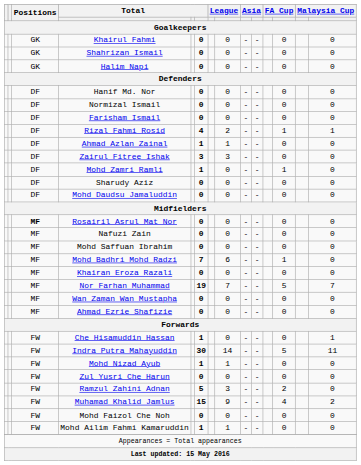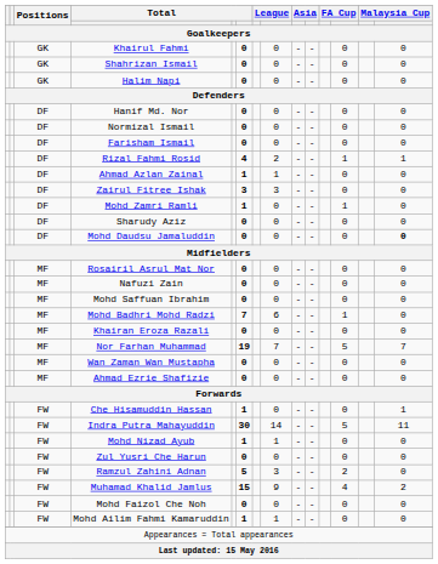 <table class="wikitable sortable" style="text-align: center">
 <tr align="center" style="background:#9C9C9C">
 <th rowspan="2"></th>
 <th rowspan="2"></th>
 <th rowspan="2">Positions</th>
 <th colspan="3">Total</th>
 <th colspan="2"><a href='#'>League</a></th>
 <th colspan="2"><a href='#'>Asia</a></th>
 <th colspan="2"><a href='#'>FA Cup</a></th>
 <th colspan="2"><a href='#'>Malaysia Cup</a></th>
 </tr>
 <tr style="background:#DCDCDC">
 <th></th>
 <th></th>
 <th></th>
 <th></th>
 <th></th>
 <th></th>
 <th></th>
 <th></th>
 <th></th>
 <th></th>
 <th></th>
 </tr>
 <tr style="background:#DCDCDC">
 <th colspan="14">Goalkeepers</th>
 </tr>
 <tr>
 <td></td>
 <td></td>
 <td>GK</td>
 <td><a href='#'>Khairul Fahmi</a></td>
 <td><strong> </strong></td>
 <td><strong>0</strong></td>
 <td><strong> </strong></td>
 <td>0</td>
 <td>-</td>
 <td>-</td>
 <td></td>
 <td>0</td>
 <td></td>
 <td>0</td>
 </tr>
 <tr>
 <td></td>
 <td></td>
 <td>GK</td>
 <td><a href='#'>Shahrizan Ismail</a></td>
 <td><strong> </strong></td>
 <td><strong>0</strong></td>
 <td><strong> </strong></td>
 <td>0</td>
 <td>-</td>
 <td>-</td>
 <td></td>
 <td>0</td>
 <td></td>
 <td>0</td>
 </tr>
 <tr>
 <td></td>
 <td></td>
 <td>GK</td>
 <td><a href='#'>Halim Napi</a></td>
 <td><strong> </strong></td>
 <td><strong>0</strong></td>
 <td><strong> </strong></td>
 <td>0</td>
 <td>-</td>
 <td>-</td>
 <td></td>
 <td>0</td>
 <td></td>
 <td>0</td>
 </tr>
 <tr>
 <th colspan="14">Defenders</th>
 </tr>
 <tr>
 <td></td>
 <td></td>
 <td>DF</td>
 <td>Hanif Md. Nor</td>
 <td><strong> </strong></td>
 <td><strong>0</strong></td>
 <td><strong> </strong></td>
 <td>0</td>
 <td>-</td>
 <td>-</td>
 <td></td>
 <td>0</td>
 <td></td>
 <td>0</td>
 </tr>
 <tr>
 <td></td>
 <td></td>
 <td>DF</td>
 <td>Normizal Ismail</td>
 <td><strong> </strong></td>
 <td><strong>0</strong></td>
 <td><strong> </strong></td>
 <td>0</td>
 <td>-</td>
 <td>-</td>
 <td></td>
 <td>0</td>
 <td></td>
 <td>0</td>
 </tr>
 <tr>
 <td></td>
 <td></td>
 <td>DF</td>
 <td><a href='#'>Farisham Ismail</a></td>
 <td><strong> </strong></td>
 <td><strong>0</strong></td>
 <td><strong> </strong></td>
 <td>0</td>
 <td>-</td>
 <td>-</td>
 <td></td>
 <td>0</td>
 <td></td>
 <td>0</td>
 </tr>
 <tr>
 <td></td>
 <td></td>
 <td>DF</td>
 <td><a href='#'>Rizal Fahmi Rosid</a></td>
 <td><strong> </strong></td>
 <td><strong>4</strong></td>
 <td><strong> </strong></td>
 <td>2</td>
 <td>-</td>
 <td>-</td>
 <td></td>
 <td>1</td>
 <td></td>
 <td>1</td>
 </tr>
 <tr>
 <td></td>
 <td></td>
 <td>DF</td>
 <td><a href='#'>Ahmad Azlan Zainal</a></td>
 <td><strong> </strong></td>
 <td><strong>1</strong></td>
 <td><strong> </strong></td>
 <td>1</td>
 <td>-</td>
 <td>-</td>
 <td></td>
 <td>0</td>
 <td></td>
 <td>0</td>
 </tr>
 <tr>
 <td></td>
 <td></td>
 <td>DF</td>
 <td><a href='#'>Zairul Fitree Ishak</a></td>
 <td><strong> </strong></td>
 <td><strong>3</strong></td>
 <td><strong> </strong></td>
 <td>3</td>
 <td>-</td>
 <td>-</td>
 <td></td>
 <td>0</td>
 <td></td>
 <td>0</td>
 </tr>
 <tr>
 <td></td>
 <td></td>
 <td>DF</td>
 <td><a href='#'>Mohd Zamri Ramli</a></td>
 <td><strong> </strong></td>
 <td><strong>1</strong></td>
 <td><strong> </strong></td>
 <td>0</td>
 <td>-</td>
 <td>-</td>
 <td></td>
 <td>1</td>
 <td></td>
 <td>0</td>
 </tr>
 <tr>
 <td></td>
 <td></td>
 <td>DF</td>
 <td>Sharudy Aziz</td>
 <td><strong> </strong></td>
 <td><strong>0</strong></td>
 <td><strong> </strong></td>
 <td>0</td>
 <td>-</td>
 <td>-</td>
 <td></td>
 <td>0</td>
 <td></td>
 <td>0</td>
 </tr>
 <tr>
 <td></td>
 <td></td>
 <td>DF</td>
 <td><a href='#'>Mohd Daudsu Jamaluddin</a></td>
 <td><strong> </strong></td>
 <td><strong>0</strong></td>
 <td><strong> </strong></td>
 <td>0</td>
 <td>-</td>
 <td>-</td>
 <td></td>
 <td>0</td>
 <td></td>
-<td>0</td>
+<td><strong>0</strong></td>
 </tr>
 <tr>
 <th colspan="14">Midfielders</th>
 </tr>
 <tr>
 <td></td>
 <td></td>
-<td><strong>MF</strong></td>
+<td>MF</td>
 <td><a href='#'>Rosairil Asrul Mat Nor</a></td>
 <td><strong> </strong></td>
 <td><strong>0</strong></td>
 <td><strong> </strong></td>
 <td>0</td>
 <td>-</td>
 <td>-</td>
 <td></td>
 <td>0</td>
 <td></td>
 <td>0</td>
 </tr>
 <tr>
 <td></td>
 <td></td>
 <td>MF</td>
 <td>Nafuzi Zain</td>
 <td><strong> </strong></td>
 <td><strong>0</strong></td>
 <td><strong> </strong></td>
 <td>0</td>
 <td>-</td>
 <td>-</td>
 <td></td>
 <td>0</td>
 <td></td>
 <td>0</td>
 </tr>
 <tr>
 <td></td>
 <td></td>
 <td>MF</td>
 <td>Mohd Saffuan Ibrahim</td>
 <td><strong> </strong></td>
 <td><strong>0</strong></td>
 <td><strong> </strong></td>
 <td>0</td>
 <td>-</td>
 <td>-</td>
 <td></td>
 <td>0</td>
 <td></td>
 <td>0</td>
 </tr>
 <tr>
 <td></td>
 <td></td>
 <td>MF</td>
 <td><a href='#'>Mohd Badhri Mohd Radzi</a></td>
 <td><strong> </strong></td>
 <td><strong>7</strong></td>
 <td><strong> </strong></td>
 <td>6</td>
 <td>-</td>
 <td>-</td>
 <td></td>
 <td>1</td>
 <td></td>
 <td>0</td>
 </tr>
 <tr>
 <td></td>
 <td></td>
 <td>MF</td>
 <td><a href='#'>Khairan Eroza Razali</a></td>
 <td><strong> </strong></td>
 <td><strong>0</strong></td>
 <td><strong> </strong></td>
 <td>0</td>
 <td>-</td>
 <td>-</td>
 <td></td>
 <td>0</td>
 <td></td>
 <td>0</td>
 </tr>
 <tr>
 <td></td>
 <td></td>
 <td>MF</td>
 <td><a href='#'>Nor Farhan Muhammad</a></td>
 <td><strong> </strong></td>
 <td><strong>19</strong></td>
 <td><strong> </strong></td>
 <td>7</td>
 <td>-</td>
 <td>-</td>
 <td></td>
 <td>5</td>
 <td></td>
 <td>7</td>
 </tr>
 <tr>
 <td></td>
 <td></td>
 <td>MF</td>
 <td><a href='#'>Wan Zaman Wan Mustapha</a></td>
 <td><strong> </strong></td>
 <td><strong>0</strong></td>
 <td><strong> </strong></td>
 <td>0</td>
 <td>-</td>
 <td>-</td>
 <td></td>
 <td>0</td>
 <td></td>
 <td>0</td>
 </tr>
 <tr>
 <td></td>
 <td></td>
 <td>MF</td>
 <td><a href='#'>Ahmad Ezrie Shafizie</a></td>
 <td><strong> </strong></td>
 <td><strong>0</strong></td>
 <td><strong> </strong></td>
 <td>0</td>
 <td>-</td>
 <td>-</td>
 <td></td>
 <td>0</td>
 <td></td>
 <td>0</td>
 </tr>
 <tr>
 <th colspan="14">Forwards</th>
 </tr>
 <tr>
 <td></td>
 <td></td>
 <td>FW</td>
 <td><a href='#'>Che Hisamuddin Hassan</a></td>
 <td><strong> </strong></td>
 <td><strong>1</strong></td>
 <td><strong> </strong></td>
 <td>0</td>
 <td>-</td>
 <td>-</td>
 <td></td>
 <td>0</td>
 <td></td>
 <td>1</td>
 </tr>
 <tr>
 <td></td>
 <td></td>
 <td>FW</td>
 <td><a href='#'>Indra Putra Mahayuddin</a></td>
 <td><strong> </strong></td>
 <td><strong>30</strong></td>
 <td><strong> </strong></td>
 <td>14</td>
 <td>-</td>
 <td>-</td>
 <td></td>
 <td>5</td>
 <td></td>
 <td>11</td>
 </tr>
 <tr>
 <td></td>
 <td></td>
 <td>FW</td>
 <td><a href='#'>Mohd Nizad Ayub</a></td>
 <td><strong> </strong></td>
 <td><strong>1</strong></td>
 <td><strong> </strong></td>
 <td>1</td>
 <td>-</td>
 <td>-</td>
 <td></td>
 <td>0</td>
 <td></td>
 <td>0</td>
 </tr>
 <tr>
 <td></td>
 <td></td>
 <td>FW</td>
 <td><a href='#'>Zul Yusri Che Harun</a></td>
 <td><strong> </strong></td>
 <td><strong>0</strong></td>
 <td><strong> </strong></td>
 <td>0</td>
 <td>-</td>
 <td>-</td>
 <td></td>
 <td>0</td>
 <td></td>
 <td>0</td>
 </tr>
 <tr>
 <td></td>
 <td></td>
 <td>FW</td>
 <td><a href='#'>Ramzul Zahini Adnan</a></td>
 <td><strong> </strong></td>
 <td><strong>5</strong></td>
 <td><strong> </strong></td>
 <td>3</td>
 <td>-</td>
 <td>-</td>
 <td></td>
 <td>2</td>
 <td></td>
 <td>0</td>
 </tr>
 <tr>
 <td></td>
 <td></td>
 <td>FW</td>
 <td><a href='#'>Muhamad Khalid Jamlus</a></td>
 <td><strong> </strong></td>
 <td><strong>15</strong></td>
 <td><strong> </strong></td>
 <td>9</td>
 <td>-</td>
 <td>-</td>
 <td></td>
 <td>4</td>
 <td></td>
 <td>2</td>
 </tr>
 <tr>
 <td></td>
 <td></td>
 <td>FW</td>
 <td>Mohd Faizol Che Noh</td>
 <td><strong> </strong></td>
 <td><strong>0</strong></td>
 <td><strong> </strong></td>
 <td>0</td>
 <td>-</td>
 <td>-</td>
 <td></td>
 <td>0</td>
 <td></td>
 <td>0</td>
 </tr>
 <tr>
 <td></td>
 <td></td>
 <td>FW</td>
 <td>Mohd Ailim Fahmi Kamaruddin</td>
 <td><strong> </strong></td>
 <td><strong>1</strong></td>
 <td><strong> </strong></td>
 <td>1</td>
 <td>-</td>
 <td>-</td>
 <td></td>
 <td>0</td>
 <td></td>
 <td>0</td>
 </tr>
 <tr>
 </tr>
 <tr>
 <td 23! colspan="16"><small>Appearances = Total appearances</small></td>
 </tr>
 <tr align="left">
 <th colspan="16"><small>Last updated: 15 May 2016</small></th>
 </tr>
 </table>
